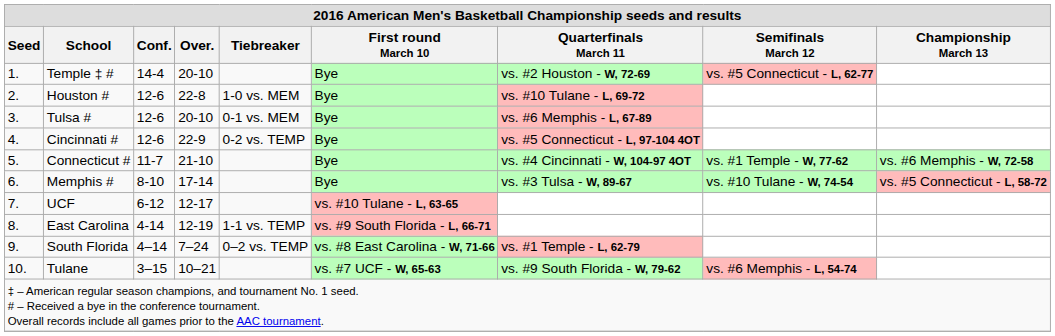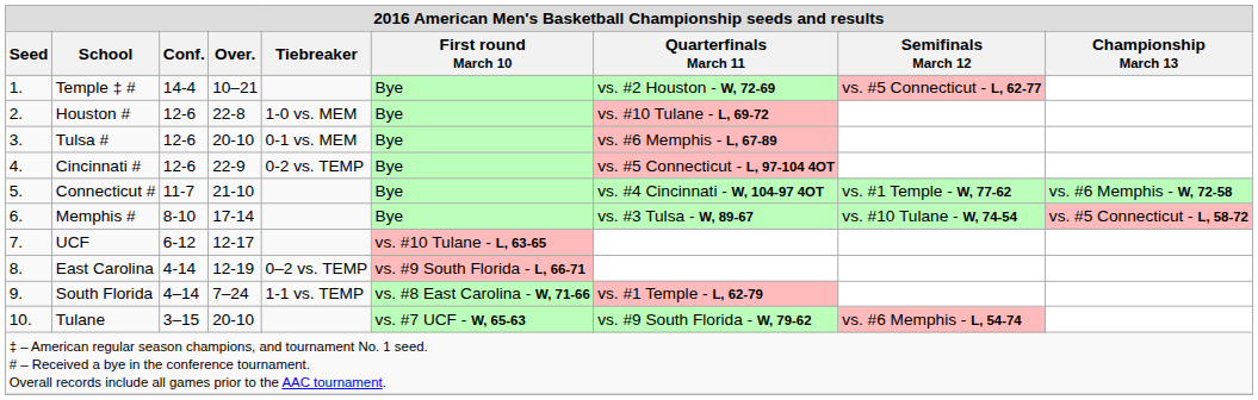 <table class="wikitable" style="white-space:nowrap; font-size:90%;">
 <tr>
 <td colspan="10" style="text-align:center; background:#DDDDDD; font:#000000"><strong>2016 American Men's Basketball Championship seeds and results</strong></td>
 </tr>
 <tr bgcolor="#efefef">
 <th>Seed</th>
 <th>School</th>
 <th>Conf.</th>
 <th>Over.</th>
 <th>Tiebreaker</th>
 <th>First round<br><small>March 10</small></th>
 <th>Quarterfinals<br><small>March 11</small></th>
 <th>Semifinals<br><small>March 12</small></th>
 <th>Championship<br><small>March 13</small></th>
 </tr>
 <tr>
 <td>1.</td>
 <td>Temple ‡ #</td>
 <td>14-4</td>
-<td>20-10</td>
+<td>10–21</td>
 <td></td>
 <td style="background:#bfb;">Bye</td>
 <td style="background:#bfb;">vs. #2 Houston - <small><strong>W, 72-69</strong></small></td>
 <td style="background:#fbb;">vs. #5 Connecticut - <small><strong>L, 62-77</strong></small></td>
 <td style="background:#fff;"></td>
 </tr>
 <tr>
 <td>2.</td>
 <td>Houston #</td>
 <td>12-6</td>
 <td>22-8</td>
 <td>1-0 vs. MEM</td>
 <td style="background:#bfb;">Bye</td>
 <td style="background:#fbb;">vs. #10 Tulane - <small><strong>L, 69-72</strong></small></td>
 <td style="background:#fff;"></td>
 <td style="background:#fff;"></td>
 </tr>
 <tr>
 <td>3.</td>
 <td>Tulsa #</td>
 <td>12-6</td>
 <td>20-10</td>
 <td>0-1 vs. MEM</td>
 <td style="background:#bfb;">Bye</td>
 <td style="background:#fbb;">vs. #6 Memphis - <small><strong>L, 67-89</strong></small></td>
 <td style="background:#fff;"></td>
 <td style="background:#fff;"></td>
 </tr>
 <tr>
 <td>4.</td>
 <td>Cincinnati #</td>
 <td>12-6</td>
 <td>22-9</td>
 <td>0-2 vs. TEMP</td>
 <td style="background:#bfb;">Bye</td>
 <td style="background:#fbb;">vs. #5 Connecticut - <small><strong>L, 97-104 4OT</strong></small></td>
 <td style="background:#fff;"></td>
 <td style="background:#fff;"></td>
 </tr>
 <tr>
 <td>5.</td>
 <td>Connecticut #</td>
 <td>11-7</td>
 <td>21-10</td>
 <td></td>
 <td style="background:#bfb;">Bye</td>
 <td style="background:#bfb;">vs. #4 Cincinnati - <small><strong>W, 104-97 4OT</strong></small></td>
 <td style="background:#bfb;">vs. #1 Temple - <small><strong>W, 77-62</strong></small></td>
 <td style="background:#bfb;">vs. #6 Memphis - <small><strong>W, 72-58</strong></small></td>
 </tr>
 <tr>
 <td>6.</td>
 <td>Memphis #</td>
 <td>8-10</td>
 <td>17-14</td>
 <td></td>
 <td style="background:#bfb;">Bye</td>
 <td style="background:#bfb;">vs. #3 Tulsa - <small><strong>W, 89-67</strong></small></td>
 <td style="background:#bfb;">vs. #10 Tulane - <small><strong>W, 74-54</strong></small></td>
 <td style="background:#fbb;">vs. #5 Connecticut - <small><strong>L, 58-72</strong></small></td>
 </tr>
 <tr>
 <td>7.</td>
 <td>UCF</td>
 <td>6-12</td>
 <td>12-17</td>
 <td></td>
 <td style="background:#fbb;">vs. #10 Tulane - <small><strong>L, 63-65</strong></small></td>
 <td style="background:#fff;"></td>
 <td style="background:#fff;"></td>
 <td style="background:#fff;"></td>
 </tr>
 <tr>
 <td>8.</td>
 <td>East Carolina</td>
 <td>4-14</td>
 <td>12-19</td>
-<td>1-1 vs. TEMP</td>
+<td>0–2 vs. TEMP</td>
 <td style="background:#fbb;">vs. #9 South Florida - <small><strong>L, 66-71</strong></small></td>
 <td style="background:#fff;"></td>
 <td style="background:#fff;"></td>
 <td style="background:#fff;"></td>
 </tr>
 <tr>
 <td>9.</td>
 <td>South Florida</td>
 <td>4–14</td>
 <td>7–24</td>
-<td>0–2 vs. TEMP</td>
+<td>1-1 vs. TEMP</td>
 <td style="background:#bfb;">vs. #8 East Carolina - <small><strong>W, 71-66</strong></small></td>
 <td style="background:#fbb;">vs. #1 Temple - <small><strong>L, 62-79</strong></small></td>
 <td style="background:#fff;"></td>
 <td style="background:#fff;"></td>
 </tr>
 <tr>
 <td>10.</td>
 <td>Tulane</td>
 <td>3–15</td>
-<td>10–21</td>
+<td>20-10</td>
 <td></td>
 <td style="background:#bfb;">vs. #7 UCF - <small><strong>W, 65-63</strong></small></td>
 <td style="background:#bfb;">vs. #9 South Florida - <small><strong>W, 79-62</strong></small></td>
 <td style="background:#fbb;">vs. #6 Memphis - <small><strong>L, 54-74</strong></small></td>
 <td style="background:#fff;"></td>
 </tr>
 <tr>
 <td colspan="10" style="text-align:left;"><small>‡ – American regular season champions, and tournament No. 1 seed.<br># – Received a bye in the conference tournament.<br>Overall records include all games prior to the <a href='#'>AAC tournament</a>.</small></td>
 </tr>
 <tr>
 </tr>
 </table>
